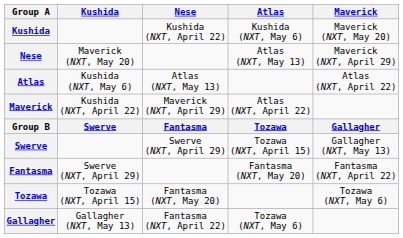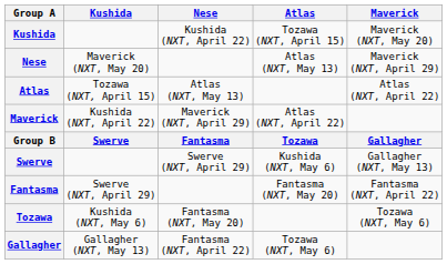 <table class="wikitable" style="margin: 1em auto 1em auto">
 <tr align="center">
 <th>Group A</th>
 <th><a href='#'>Kushida</a></th>
 <th><a href='#'>Nese</a></th>
 <th><a href='#'>Atlas</a></th>
 <th><a href='#'>Maverick</a></th>
 </tr>
 <tr align="center">
 <th><a href='#'>Kushida</a></th>
 <td></td>
 <td>Kushida<br>(<em>NXT</em>, April 22)</td>
-<td>Kushida<br>(<em>NXT</em>, May 6)</td>
+<td Swerve>Tozawa<br>(<em>NXT</em>, April 15)</td>
 <td>Maverick<br>(<em>NXT</em>, May 20)</td>
 </tr>
 <tr align="center">
 <th><a href='#'>Nese</a></th>
 <td>Maverick<br>(<em>NXT</em>, May 20)</td>
 <td></td>
 <td>Atlas<br>(<em>NXT</em>, May 13)</td>
 <td>Maverick<br>(<em>NXT</em>, April 29)</td>
 </tr>
 <tr align="center">
 <th><a href='#'>Atlas</a></th>
-<td>Kushida<br>(<em>NXT</em>, May 6)</td>
+<td>Tozawa<br>(<em>NXT,</em> April 15)</td>
 <td>Atlas<br>(<em>NXT</em>, May 13)</td>
 <td></td>
 <td>Atlas<br>(<em>NXT</em>, April 22)</td>
 </tr>
 <tr align="center">
 <th><a href='#'>Maverick</a></th>
 <td>Kushida<br>(<em>NXT</em>, April 22)</td>
 <td>Maverick<br>(<em>NXT</em>, April 29)</td>
 <td>Atlas<br>(<em>NXT</em>, April 22)</td>
 <td></td>
 </tr>
 <tr align="center">
 <th>Group B</th>
 <th><a href='#'>Swerve</a></th>
 <th><a href='#'>Fantasma</a></th>
 <th><a href='#'>Tozawa</a></th>
 <th><a href='#'>Gallagher</a></th>
 </tr>
 <tr align="center">
 <th><a href='#'>Swerve</a></th>
 <td></td>
 <td>Swerve<br>(<em>NXT</em>, April 29)</td>
-<td Swerve>Tozawa<br>(<em>NXT</em>, April 15)</td>
+<td>Kushida<br>(<em>NXT</em>, May 6)</td>
 <td>Gallagher<br>(<em>NXT</em>, May 13)</td>
 </tr>
 <tr align="center">
 <th><a href='#'>Fantasma</a></th>
 <td>Swerve<br>(<em>NXT</em>, April 29)</td>
 <td></td>
 <td>Fantasma<br>(<em>NXT</em>, May 20)</td>
 <td>Fantasma<br>(<em>NXT</em>, April 22)</td>
 </tr>
 <tr align="center">
 <th><a href='#'>Tozawa</a></th>
-<td>Tozawa<br>(<em>NXT,</em> April 15)</td>
+<td>Kushida<br>(<em>NXT</em>, May 6)</td>
 <td>Fantasma<br>(<em>NXT</em>, May 20)</td>
 <td></td>
 <td>Tozawa<br>(<em>NXT</em>, May 6)</td>
 </tr>
 <tr align="center">
 <th><a href='#'>Gallagher</a></th>
 <td>Gallagher<br>(<em>NXT</em>, May 13)</td>
 <td>Fantasma<br>(<em>NXT</em>, April 22)</td>
 <td>Tozawa<br>(<em>NXT</em>, May 6)</td>
 <td></td>
 </tr>
 </table>
